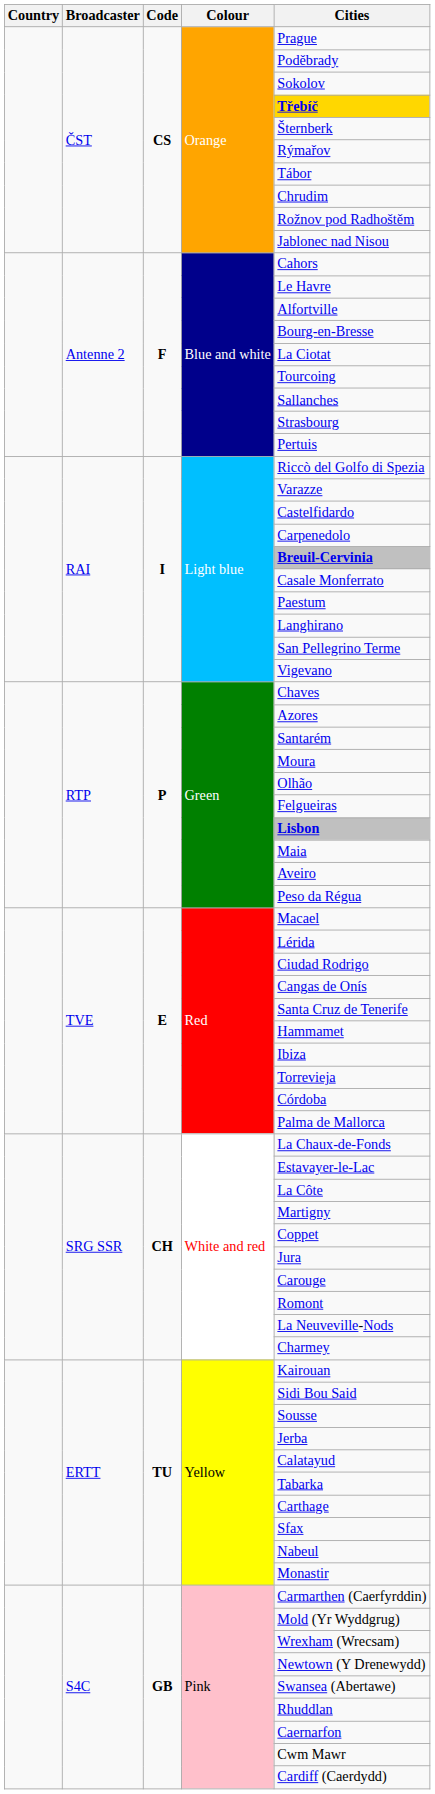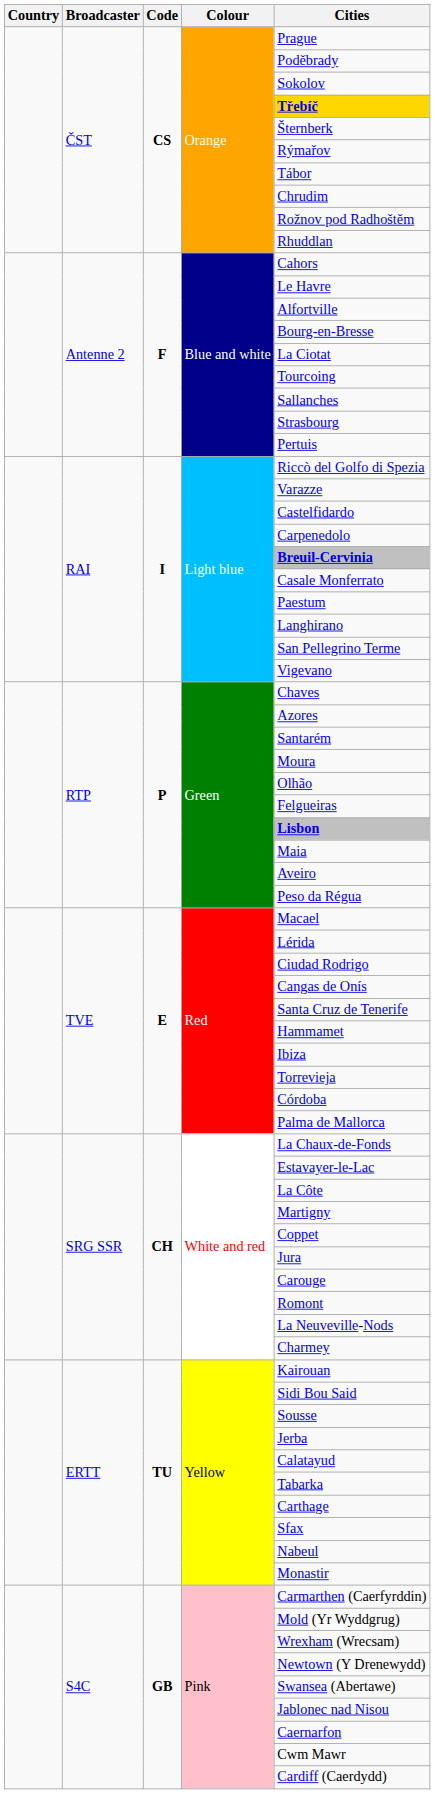 <table class="wikitable sortable">
 <tr>
 <th>Country</th>
 <th>Broadcaster</th>
 <th>Code</th>
 <th>Colour</th>
 <th>Cities</th>
 </tr>
 <tr>
 <td rowspan=10></td>
 <td rowspan=10><a href='#'>ČST</a></td>
 <td rowspan=10 align="center"><strong>CS</strong></td>
 <td rowspan=10 style="background:orange; color: white">Orange</td>
 <td><a href='#'>Prague</a></td>
 </tr>
 <tr>
 <td><a href='#'>Poděbrady</a></td>
 </tr>
 <tr>
 <td><a href='#'>Sokolov</a></td>
 </tr>
 <tr>
 <td style="font-weight:bold; background:gold;"><a href='#'>Třebíč</a></td>
 </tr>
 <tr>
 <td><a href='#'>Šternberk</a></td>
 </tr>
 <tr>
 <td><a href='#'>Rýmařov</a></td>
 </tr>
 <tr>
 <td><a href='#'>Tábor</a></td>
 </tr>
 <tr>
 <td><a href='#'>Chrudim</a></td>
 </tr>
 <tr>
 <td><a href='#'>Rožnov pod Radhoštěm</a></td>
 </tr>
 <tr>
-<td><a href='#'>Jablonec nad Nisou</a></td>
+<td><a href='#'>Rhuddlan</a></td>
 </tr>
 <tr>
 <td rowspan=9></td>
 <td rowspan=9><a href='#'>Antenne 2</a></td>
 <td rowspan=9 align="center"><strong>F</strong></td>
 <td rowspan=9 style="background:darkblue; color: white">Blue and white</td>
 <td><a href='#'>Cahors</a></td>
 </tr>
 <tr>
 <td><a href='#'>Le Havre</a></td>
 </tr>
 <tr>
 <td><a href='#'>Alfortville</a></td>
 </tr>
 <tr>
 <td><a href='#'>Bourg-en-Bresse</a></td>
 </tr>
 <tr>
 <td><a href='#'>La Ciotat</a></td>
 </tr>
 <tr>
 <td><a href='#'>Tourcoing</a></td>
 </tr>
 <tr>
 <td><a href='#'>Sallanches</a></td>
 </tr>
 <tr>
 <td><a href='#'>Strasbourg</a></td>
 </tr>
 <tr>
 <td><a href='#'>Pertuis</a></td>
 </tr>
 <tr>
 <td rowspan=10></td>
 <td rowspan=10><a href='#'>RAI</a></td>
 <td rowspan=10 align="center"><strong>I</strong></td>
 <td rowspan=10 style="background:deepskyblue; color: white">Light blue</td>
 <td><a href='#'>Riccò del Golfo di Spezia</a></td>
 </tr>
 <tr>
 <td><a href='#'>Varazze</a></td>
 </tr>
 <tr>
 <td><a href='#'>Castelfidardo</a></td>
 </tr>
 <tr>
 <td><a href='#'>Carpenedolo</a></td>
 </tr>
 <tr>
 <td style="font-weight:bold; background:silver;"><a href='#'>Breuil-Cervinia</a></td>
 </tr>
 <tr>
 <td><a href='#'>Casale Monferrato</a></td>
 </tr>
 <tr>
 <td><a href='#'>Paestum</a></td>
 </tr>
 <tr>
 <td><a href='#'>Langhirano</a></td>
 </tr>
 <tr>
 <td><a href='#'>San Pellegrino Terme</a></td>
 </tr>
 <tr>
 <td><a href='#'>Vigevano</a></td>
 </tr>
 <tr>
 <td rowspan=10></td>
 <td rowspan=10><a href='#'>RTP</a></td>
 <td rowspan=10 align="center"><strong>P</strong></td>
 <td rowspan=10 style="background:green; color: white">Green</td>
 <td><a href='#'>Chaves</a></td>
 </tr>
 <tr>
 <td><a href='#'>Azores</a></td>
 </tr>
 <tr>
 <td><a href='#'>Santarém</a></td>
 </tr>
 <tr>
 <td><a href='#'>Moura</a></td>
 </tr>
 <tr>
 <td><a href='#'>Olhão</a></td>
 </tr>
 <tr>
 <td><a href='#'>Felgueiras</a></td>
 </tr>
 <tr>
 <td style="font-weight:bold; background:silver;"><a href='#'>Lisbon</a></td>
 </tr>
 <tr>
 <td><a href='#'>Maia</a></td>
 </tr>
 <tr>
 <td><a href='#'>Aveiro</a></td>
 </tr>
 <tr>
 <td><a href='#'>Peso da Régua</a></td>
 </tr>
 <tr>
 <td rowspan=10></td>
 <td rowspan=10><a href='#'>TVE</a></td>
 <td rowspan=10 align="center"><strong>E</strong></td>
 <td rowspan=10 style="background:red; color: white">Red</td>
 <td><a href='#'>Macael</a></td>
 </tr>
 <tr>
 <td><a href='#'>Lérida</a></td>
 </tr>
 <tr>
 <td><a href='#'>Ciudad Rodrigo</a></td>
 </tr>
 <tr>
 <td><a href='#'>Cangas de Onís</a></td>
 </tr>
 <tr>
 <td><a href='#'>Santa Cruz de Tenerife</a></td>
 </tr>
 <tr>
 <td><a href='#'>Hammamet</a></td>
 </tr>
 <tr>
 <td><a href='#'>Ibiza</a></td>
 </tr>
 <tr>
 <td><a href='#'>Torrevieja</a></td>
 </tr>
 <tr>
 <td><a href='#'>Córdoba</a></td>
 </tr>
 <tr>
 <td><a href='#'>Palma de Mallorca</a></td>
 </tr>
 <tr>
 <td rowspan=10></td>
 <td rowspan=10><a href='#'>SRG SSR</a></td>
 <td rowspan=10 align="center"><strong>CH</strong></td>
 <td rowspan=10 style="background:white; color: red">White and red</td>
 <td><a href='#'>La Chaux-de-Fonds</a></td>
 </tr>
 <tr>
 <td><a href='#'>Estavayer-le-Lac</a></td>
 </tr>
 <tr>
 <td><a href='#'>La Côte</a></td>
 </tr>
 <tr>
 <td><a href='#'>Martigny</a></td>
 </tr>
 <tr>
 <td><a href='#'>Coppet</a></td>
 </tr>
 <tr>
 <td><a href='#'>Jura</a></td>
 </tr>
 <tr>
 <td><a href='#'>Carouge</a></td>
 </tr>
 <tr>
 <td><a href='#'>Romont</a></td>
 </tr>
 <tr>
 <td><a href='#'>La Neuveville</a>-<a href='#'>Nods</a></td>
 </tr>
 <tr>
 <td><a href='#'>Charmey</a></td>
 </tr>
 <tr>
 <td rowspan=10></td>
 <td rowspan=10><a href='#'>ERTT</a></td>
 <td rowspan=10 align="center"><strong>TU</strong></td>
 <td rowspan=10 style="background:yellow; color: black">Yellow</td>
 <td><a href='#'>Kairouan</a></td>
 </tr>
 <tr>
 <td><a href='#'>Sidi Bou Said</a></td>
 </tr>
 <tr>
 <td><a href='#'>Sousse</a></td>
 </tr>
 <tr>
 <td><a href='#'>Jerba</a></td>
 </tr>
 <tr>
 <td><a href='#'>Calatayud</a></td>
 </tr>
 <tr>
 <td><a href='#'>Tabarka</a></td>
 </tr>
 <tr>
 <td><a href='#'>Carthage</a></td>
 </tr>
 <tr>
 <td><a href='#'>Sfax</a></td>
 </tr>
 <tr>
 <td><a href='#'>Nabeul</a></td>
 </tr>
 <tr>
 <td><a href='#'>Monastir</a></td>
 </tr>
 <tr>
 <td rowspan=9></td>
 <td rowspan=9><a href='#'>S4C</a></td>
 <td rowspan=9 align="center"><strong>GB</strong></td>
 <td rowspan=9 style="background:pink; color: black">Pink</td>
 <td><a href='#'>Carmarthen</a> (Caerfyrddin)</td>
 </tr>
 <tr>
 <td><a href='#'>Mold</a> (Yr Wyddgrug)</td>
 </tr>
 <tr>
 <td><a href='#'>Wrexham</a> (Wrecsam)</td>
 </tr>
 <tr>
 <td><a href='#'>Newtown</a> (Y Drenewydd)</td>
 </tr>
 <tr>
 <td><a href='#'>Swansea</a> (Abertawe)</td>
 </tr>
 <tr>
-<td><a href='#'>Rhuddlan</a></td>
+<td><a href='#'>Jablonec nad Nisou</a></td>
 </tr>
 <tr>
 <td><a href='#'>Caernarfon</a></td>
 </tr>
 <tr>
 <td>Cwm Mawr</td>
 </tr>
 <tr>
 <td><a href='#'>Cardiff</a> (Caerdydd)</td>
 </tr>
 </table>
